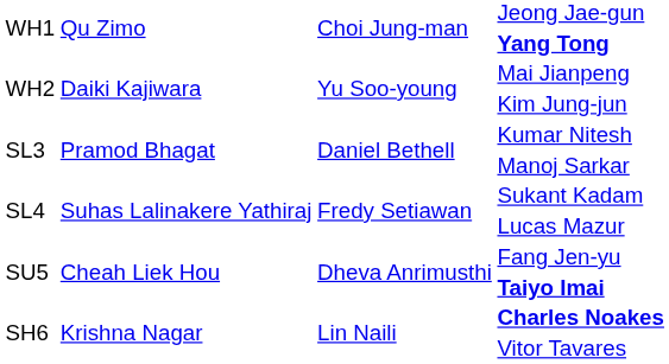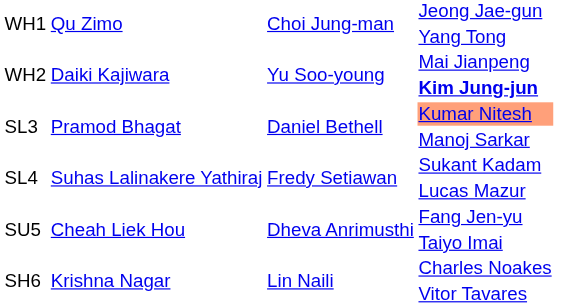 <table>
 <tr>
 <td rowspan="2">WH1</td>
 <td rowspan="2"> <a href='#'>Qu Zimo</a></td>
 <td rowspan="2"> <a href='#'>Choi Jung-man</a></td>
 <td> <a href='#'>Jeong Jae-gun</a></td>
 </tr>
 <tr>
-<td><strong> <a href='#'>Yang Tong</a></strong></td>
+<td> <a href='#'>Yang Tong</a></td>
 </tr>
 <tr>
 <td rowspan="2">WH2</td>
 <td rowspan="2"> <a href='#'>Daiki Kajiwara</a></td>
 <td rowspan="2"> <a href='#'>Yu Soo-young</a></td>
 <td> <a href='#'>Mai Jianpeng</a></td>
 </tr>
 <tr>
-<td> <a href='#'>Kim Jung-jun</a></td>
+<td><strong> <a href='#'>Kim Jung-jun</a></strong></td>
 </tr>
 <tr>
 <td rowspan="2">SL3</td>
 <td rowspan="2"> <a href='#'>Pramod Bhagat</a></td>
 <td rowspan="2"> <a href='#'>Daniel Bethell</a></td>
-<td> <a href='#'>Kumar Nitesh</a></td>
+<td style="background: lightsalmon;"> <a href='#'>Kumar Nitesh</a></td>
 </tr>
 <tr>
 <td> <a href='#'>Manoj Sarkar</a></td>
 </tr>
 <tr>
 <td rowspan="2">SL4</td>
 <td rowspan="2"> <a href='#'>Suhas Lalinakere Yathiraj</a></td>
 <td rowspan="2"> <a href='#'>Fredy Setiawan</a></td>
 <td> <a href='#'>Sukant Kadam</a></td>
 </tr>
 <tr>
 <td> <a href='#'>Lucas Mazur</a></td>
 </tr>
 <tr>
 <td rowspan="2">SU5</td>
 <td rowspan="2"> <a href='#'>Cheah Liek Hou</a></td>
 <td rowspan="2"> <a href='#'>Dheva Anrimusthi</a></td>
 <td> <a href='#'>Fang Jen-yu</a></td>
 </tr>
 <tr>
-<td><strong> <a href='#'>Taiyo Imai</a></strong></td>
+<td> <a href='#'>Taiyo Imai</a></td>
 </tr>
 <tr>
 <td rowspan="2">SH6</td>
 <td rowspan="2"> <a href='#'>Krishna Nagar</a></td>
 <td rowspan="2"> <a href='#'>Lin Naili</a></td>
-<td><strong> <a href='#'>Charles Noakes</a></strong></td>
+<td> <a href='#'>Charles Noakes</a></td>
 </tr>
 <tr>
 <td> <a href='#'>Vitor Tavares</a></td>
 </tr>
 </table>
